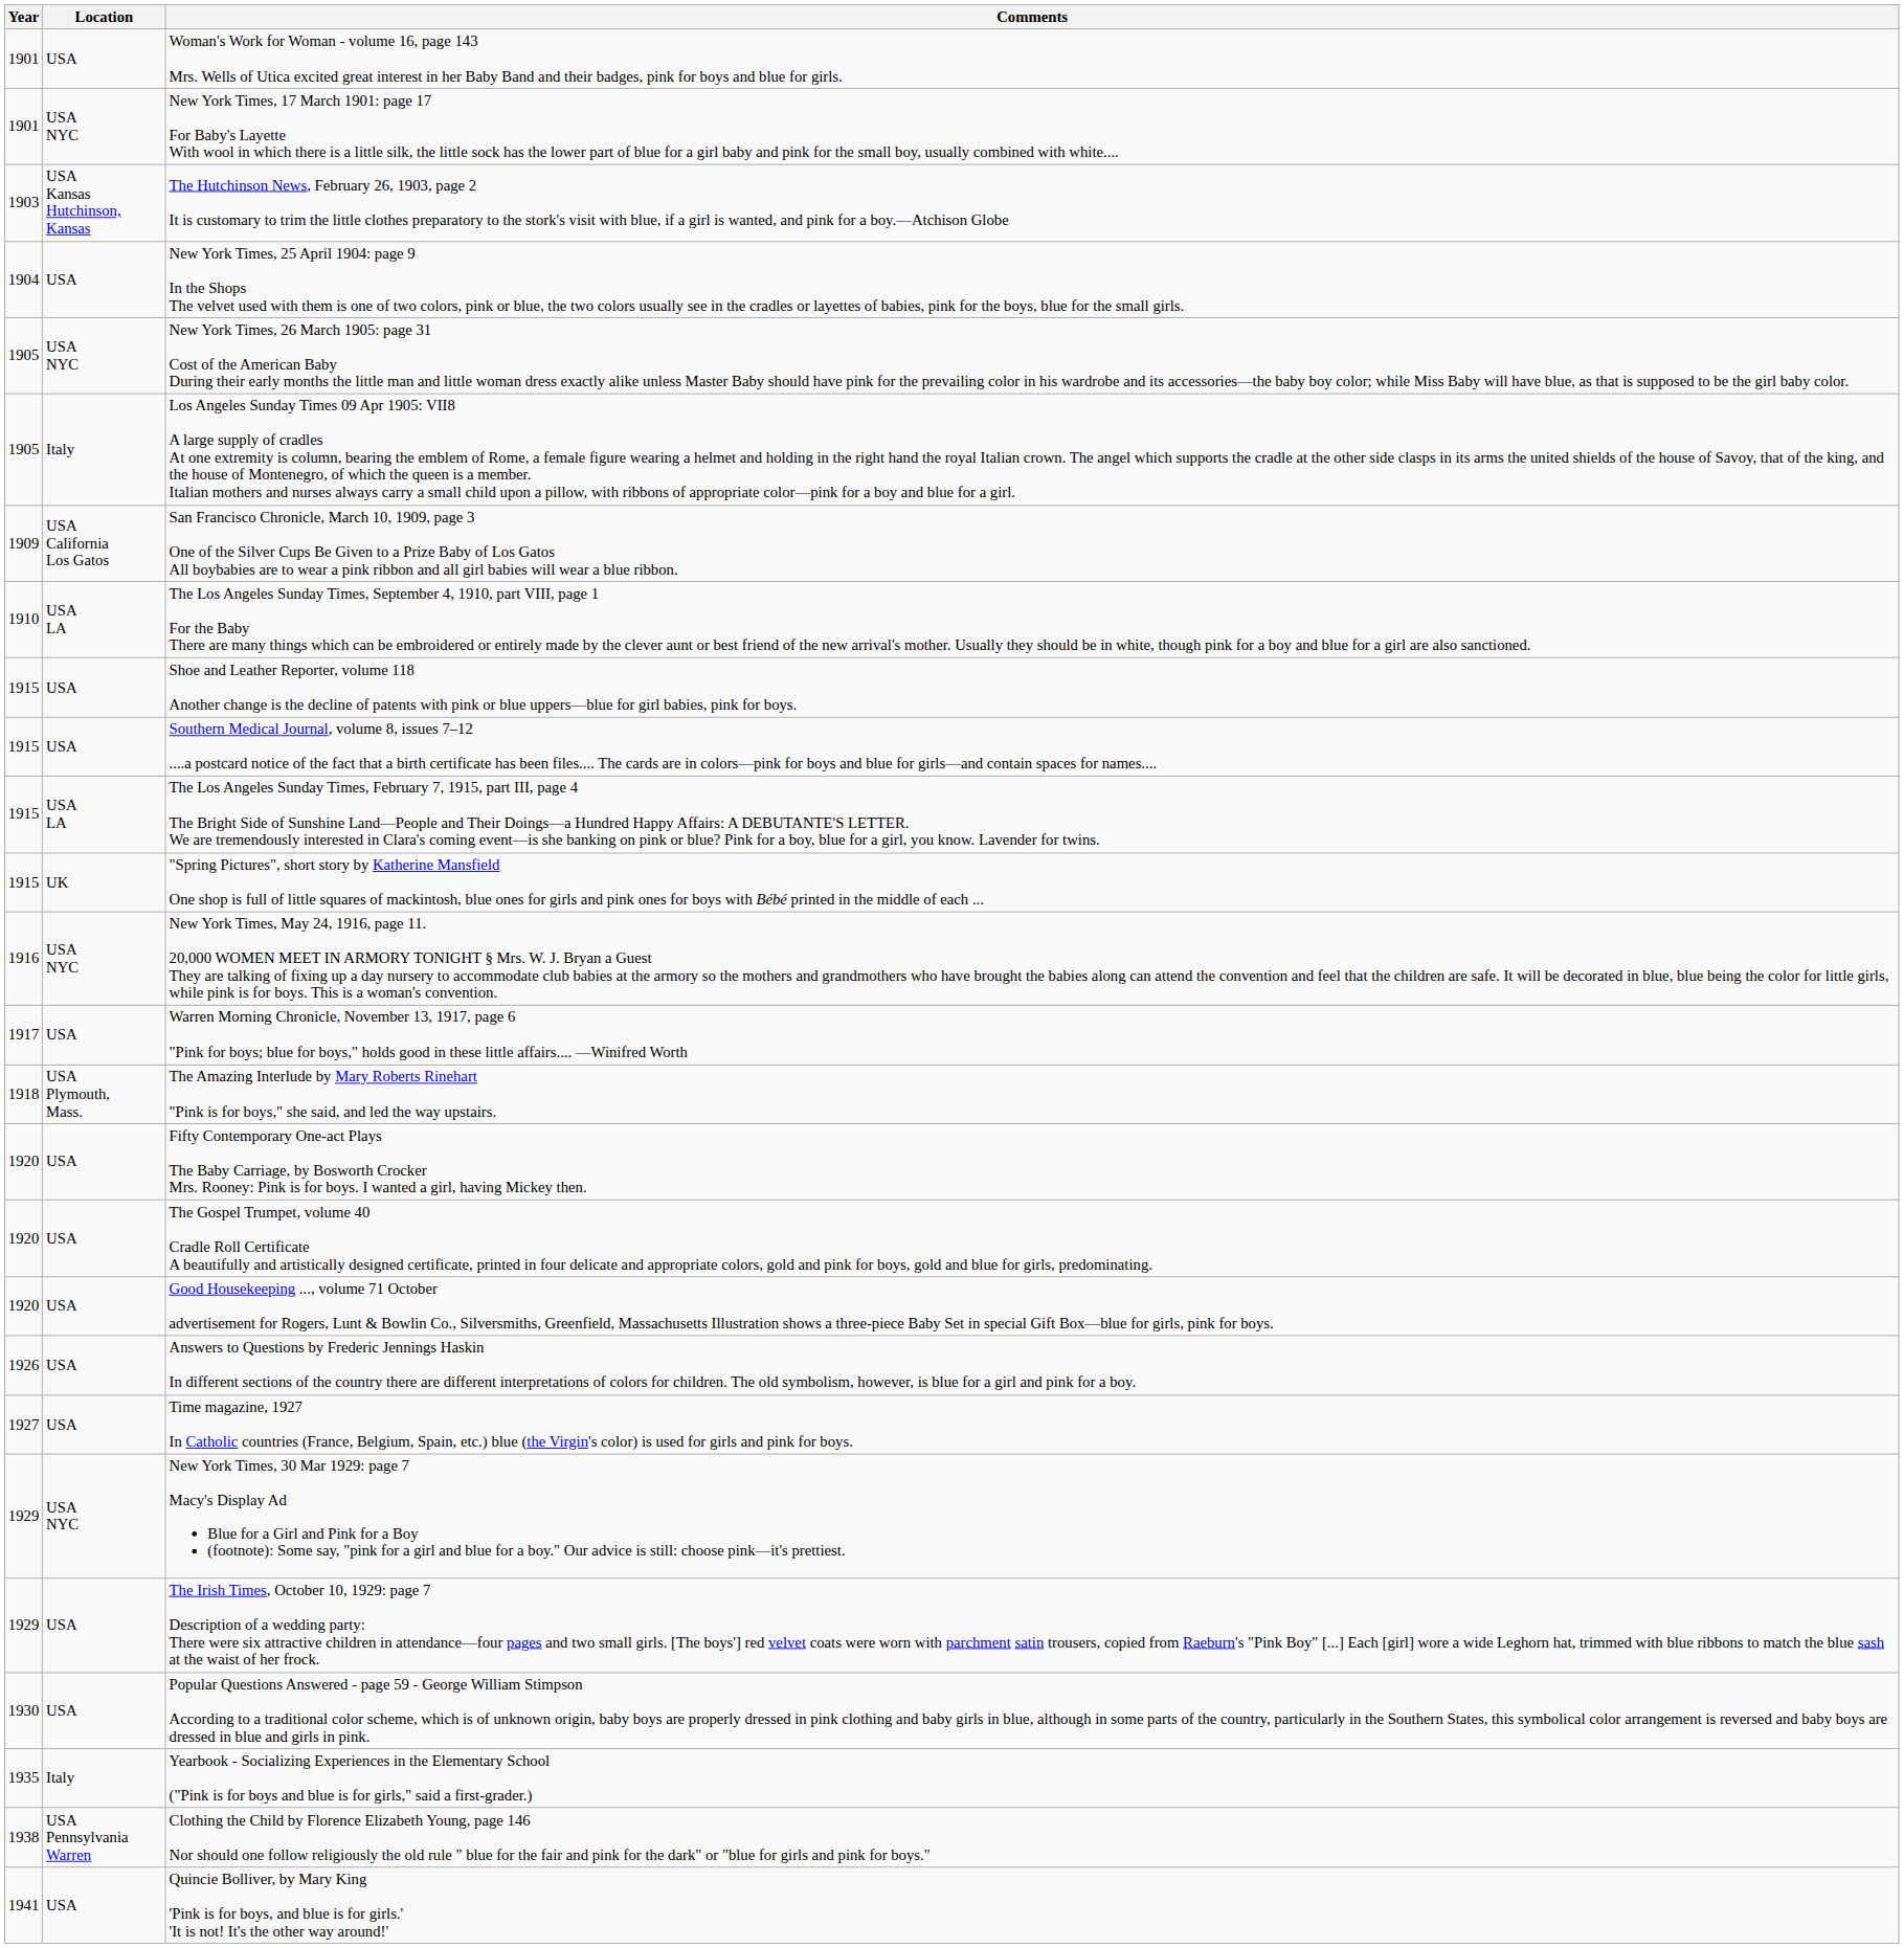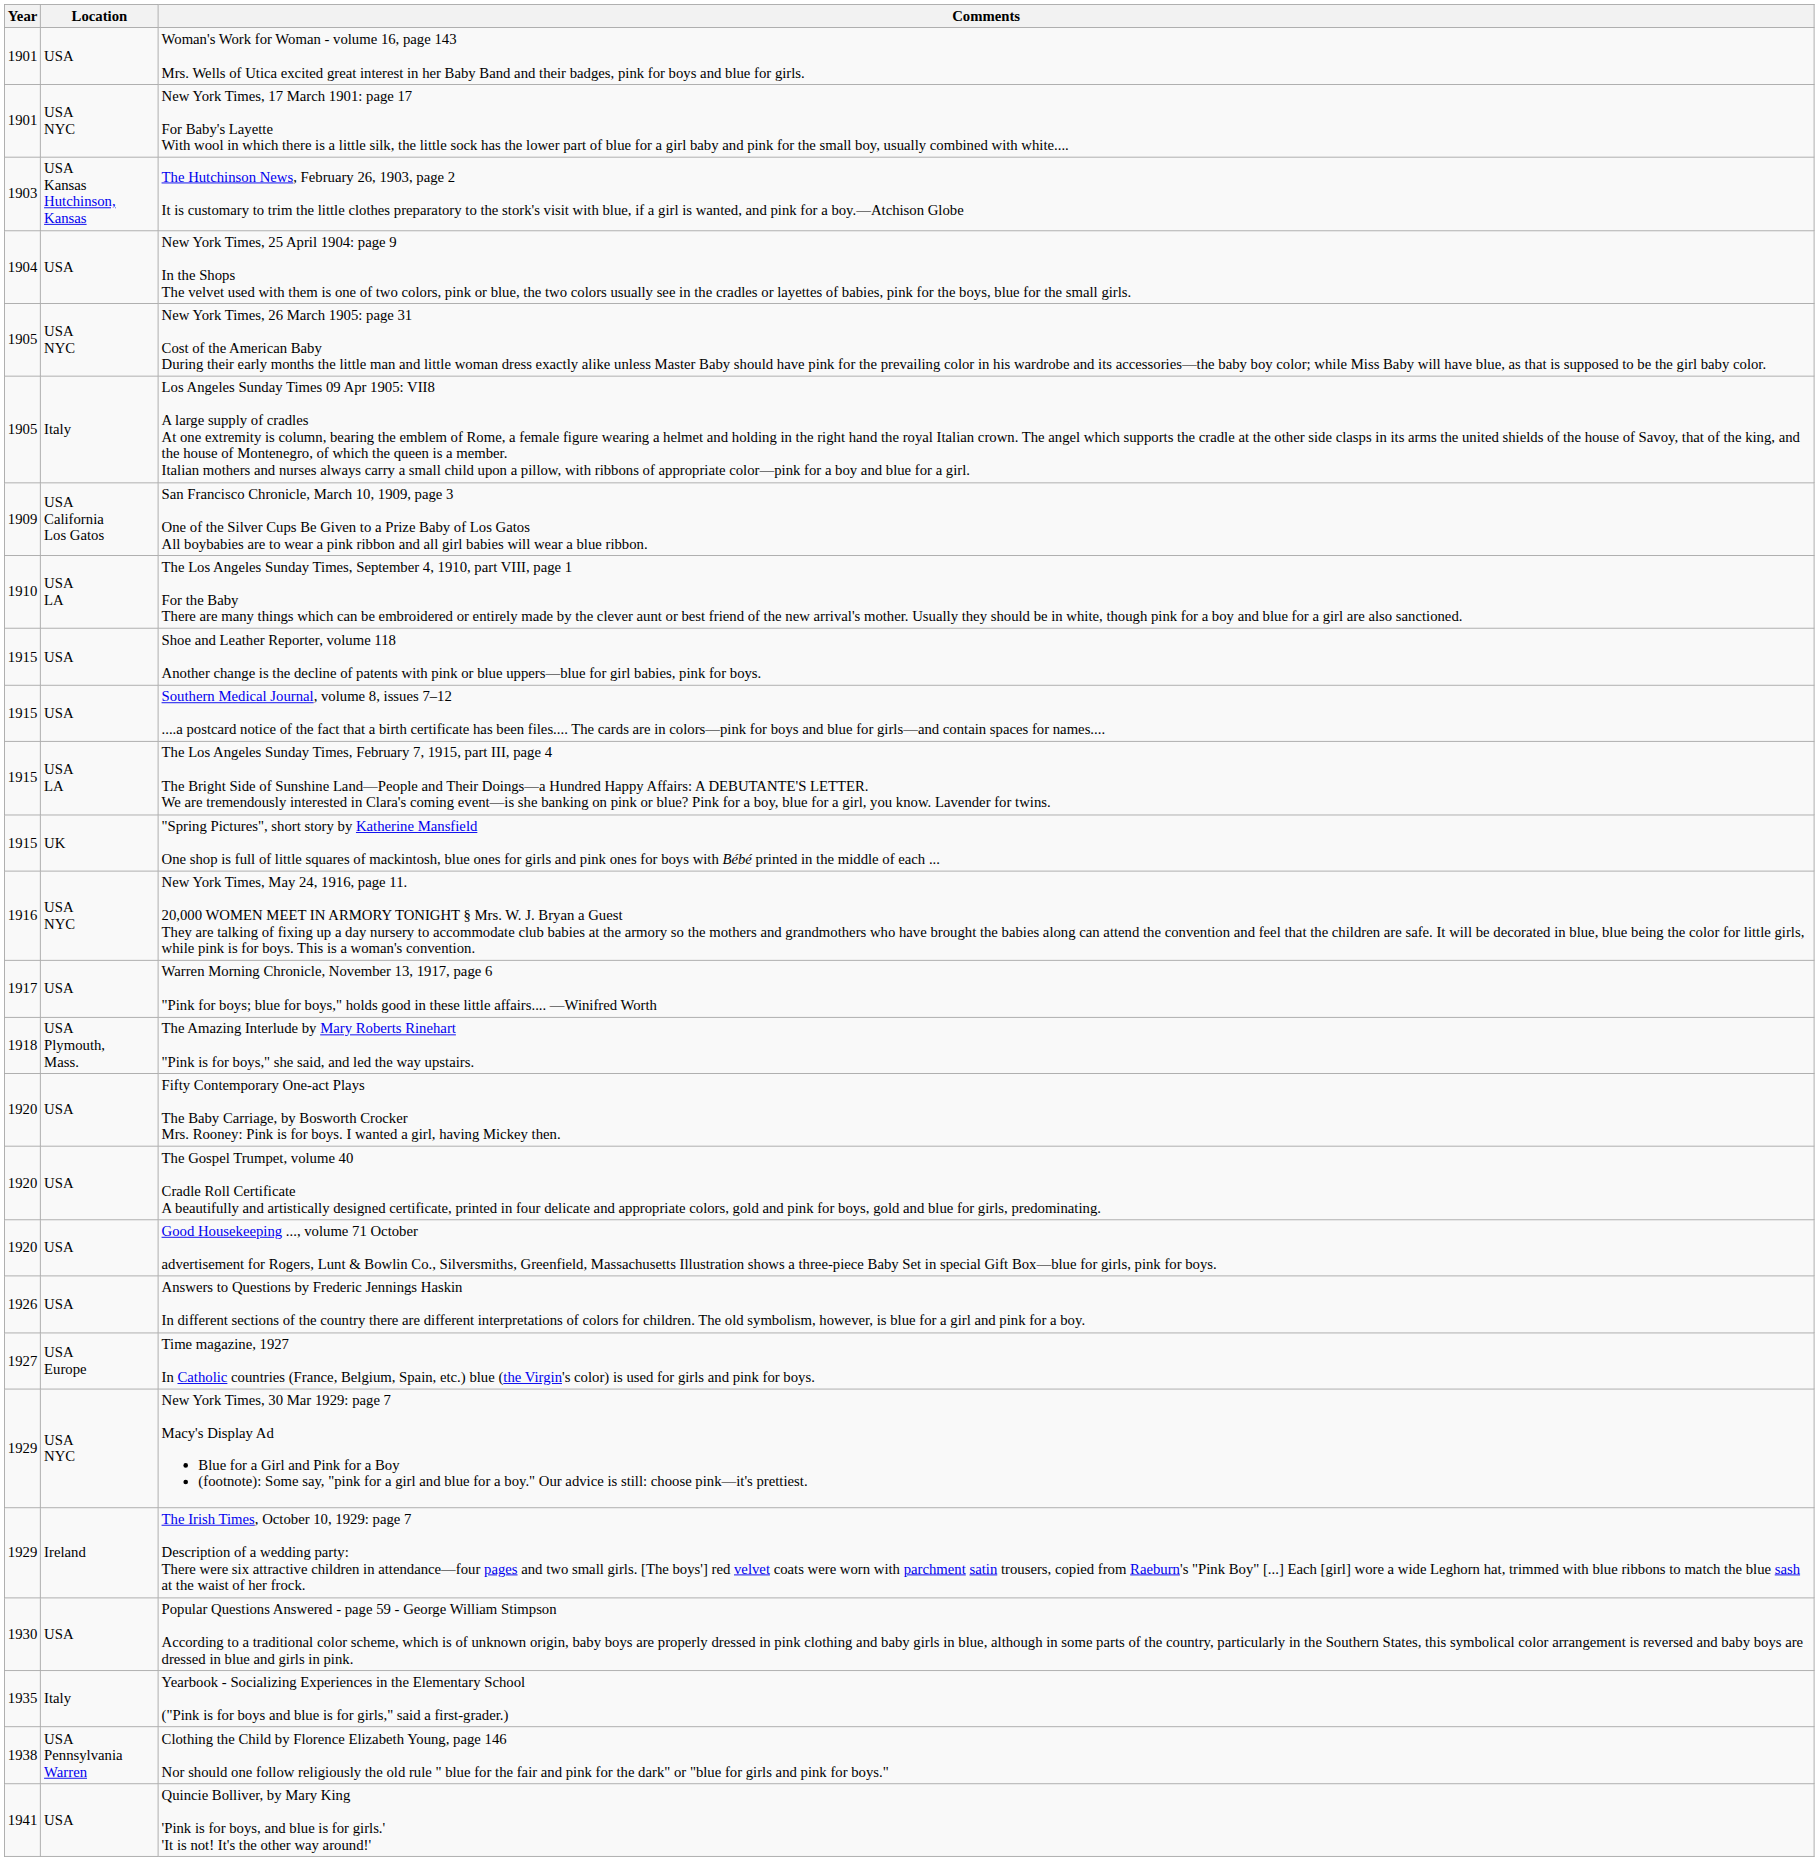 <table class="wikitable sortable">
 <tr>
 <th>Year</th>
 <th>Location</th>
 <th>Comments</th>
 </tr>
 <tr>
 <td>1901</td>
 <td>USA</td>
 <td>Woman's Work for Woman - volume 16, page 143 <br><br>Mrs. Wells of Utica excited great interest in her Baby Band and their badges, pink for boys and blue for girls. </td>
 </tr>
 <tr>
 <td>1901</td>
 <td>USA<br>NYC</td>
 <td>New York Times, 17 March 1901: page 17 <br><br>For Baby's Layette<br> With wool in which there is a little silk, the little sock has the lower part of blue for a girl baby and pink for the small boy, usually combined with white....</td>
 </tr>
 <tr>
 <td>1903</td>
 <td>USA<br>Kansas<br><a href='#'>Hutchinson, Kansas</a></td>
 <td><a href='#'>The Hutchinson News</a>, February 26, 1903, page 2<br><br>It is customary to trim the little clothes preparatory to the stork's visit with blue, if a girl is wanted, and pink for a boy.—Atchison Globe</td>
 </tr>
 <tr>
 <td>1904</td>
 <td>USA</td>
 <td>New York Times, 25 April 1904: page 9<br><br>In the Shops<br> The velvet used with them is one of two colors, pink or blue, the two colors usually see in the cradles or layettes of babies, pink for the boys, blue for the small girls.</td>
 </tr>
 <tr>
 <td>1905</td>
 <td>USA<br>NYC</td>
 <td>New York Times, 26 March 1905: page 31<br><br>Cost of the American Baby<br> During their early months the little man and little woman dress exactly alike unless Master Baby should have pink for the prevailing color in his wardrobe and its accessories—the baby boy color; while Miss Baby will have blue, as that is supposed to be the girl baby color.</td>
 </tr>
 <tr>
 <td>1905</td>
 <td>Italy</td>
 <td>Los Angeles Sunday Times 09 Apr 1905: VII8<br><br>A large supply of cradles<br> At one extremity is column, bearing the emblem of Rome, a female figure wearing a helmet and holding in the right hand the royal Italian crown. The angel which supports the cradle at the other side clasps in its arms the united shields of the house of Savoy, that of the king, and the house of Montenegro, of which the queen is a member.<br> Italian mothers and nurses always carry a small child upon a pillow, with ribbons of appropriate color—pink for a boy and blue for a girl.</td>
 </tr>
 <tr>
 <td>1909</td>
 <td>USA<br>California<br>Los Gatos</td>
 <td>San Francisco Chronicle, March 10, 1909, page 3 <br><br>One of the Silver Cups Be Given to a Prize Baby of Los Gatos <br> All boybabies are to wear a pink ribbon and all girl babies will wear a blue ribbon.</td>
 </tr>
 <tr>
 <td>1910</td>
 <td>USA<br>LA</td>
 <td>The Los Angeles Sunday Times, September 4, 1910, part VIII, page 1 <br><br>For the Baby<br> There are many things which can be embroidered or entirely made by the clever aunt or best friend of the new arrival's mother. Usually they should be in white, though pink for a boy and blue for a girl are also sanctioned.</td>
 </tr>
 <tr>
 <td>1915</td>
 <td>USA</td>
 <td>Shoe and Leather Reporter, volume 118 <br><br>Another change is the decline of patents with pink or blue uppers—blue for girl babies, pink for boys. </td>
 </tr>
 <tr>
 <td>1915</td>
 <td>USA</td>
 <td><a href='#'>Southern Medical Journal</a>, volume 8, issues 7–12 <br><br>....a postcard notice of the fact that a birth certificate has been files.... The cards are in colors—pink for boys and blue for girls—and contain spaces for names.... </td>
 </tr>
 <tr>
 <td>1915</td>
 <td>USA<br>LA</td>
 <td>The Los Angeles Sunday Times, February 7, 1915, part III, page 4<br><br>The Bright Side of Sunshine Land—People and Their Doings—a Hundred Happy Affairs: A DEBUTANTE'S LETTER.<br> We are tremendously interested in Clara's coming event—is she banking on pink or blue? Pink for a boy, blue for a girl, you know. Lavender for twins.</td>
 </tr>
 <tr>
 <td>1915</td>
 <td>UK</td>
 <td>"Spring Pictures", short story by <a href='#'>Katherine Mansfield</a><br><br>One shop is full of little squares of mackintosh, blue ones for girls and pink ones for boys with <em>Bébé</em> printed in the middle of each ...</td>
 </tr>
 <tr>
 <td>1916</td>
 <td>USA<br>NYC</td>
 <td>New York Times, May 24, 1916, page 11.<br><br>20,000 WOMEN MEET IN ARMORY TONIGHT § Mrs. W. J. Bryan a Guest<br> They are talking of fixing up a day nursery to accommodate club babies at the armory so the mothers and grandmothers who have brought the babies along can attend the convention and feel that the children are safe. It will be decorated in blue, blue being the color for little girls, while pink is for boys. This is a woman's convention.</td>
 </tr>
 <tr>
 <td>1917</td>
 <td>USA</td>
 <td>Warren Morning Chronicle, November 13, 1917, page 6<br><br>"Pink for boys; blue for boys," holds good in these little affairs.... —Winifred Worth</td>
 </tr>
 <tr>
 <td>1918</td>
 <td>USA<br>Plymouth,<br>Mass.</td>
 <td>The Amazing Interlude by <a href='#'>Mary Roberts Rinehart</a> <br><br>"Pink is for boys," she said, and led the way upstairs. </td>
 </tr>
 <tr>
 <td>1920</td>
 <td>USA</td>
 <td>Fifty Contemporary One-act Plays <br><br>The Baby Carriage, by Bosworth Crocker<br> Mrs. Rooney: Pink is for boys. I wanted a girl, having Mickey then. </td>
 </tr>
 <tr>
 <td>1920</td>
 <td>USA</td>
 <td>The Gospel Trumpet, volume 40 <br><br>Cradle Roll Certificate <br> A beautifully and artistically designed certificate, printed in four delicate and appropriate colors, gold and pink for boys, gold and blue for girls, predominating. </td>
 </tr>
 <tr>
 <td>1920</td>
 <td>USA</td>
 <td><a href='#'>Good Housekeeping</a> ..., volume 71 October <br><br>advertisement for Rogers, Lunt & Bowlin Co., Silversmiths, Greenfield, Massachusetts Illustration shows a three-piece Baby Set in special Gift Box—blue for girls, pink for boys. </td>
 </tr>
 <tr>
 <td>1926</td>
 <td>USA</td>
 <td>Answers to Questions by Frederic Jennings Haskin <br><br>In different sections of the country there are different interpretations of colors for children. The old symbolism, however, is blue for a girl and pink for a boy. </td>
 </tr>
 <tr>
 <td>1927</td>
-<td>USA</td>
+<td>USA<br>Europe</td>
 <td>Time magazine, 1927 <br><br>In <a href='#'>Catholic</a> countries (France, Belgium, Spain, etc.) blue (<a href='#'>the Virgin</a>'s color) is used for girls and pink for boys.</td>
 </tr>
 <tr>
 <td>1929</td>
 <td>USA<br>NYC</td>
 <td>New York Times, 30 Mar 1929: page 7<br><br>Macy's Display Ad<ul><li>Blue for a Girl and Pink for a Boy</li><li>(footnote): Some say, "pink for a girl and blue for a boy." Our advice is still: choose pink—it's prettiest.</li></ul></td>
 </tr>
 <tr>
 <td>1929</td>
-<td>USA</td>
+<td>Ireland</td>
 <td><a href='#'>The Irish Times</a>, October 10, 1929: page 7<br><br>Description of a wedding party:<br>There were six attractive children in attendance—four <a href='#'>pages</a> and two small girls. [The boys'] red <a href='#'>velvet</a> coats were worn with <a href='#'>parchment</a> <a href='#'>satin</a> trousers, copied from <a href='#'>Raeburn</a>'s "Pink Boy" [...] Each [girl] wore a wide Leghorn hat, trimmed with blue ribbons to match the blue <a href='#'>sash</a> at the waist of her frock.</td>
 </tr>
 <tr>
 <td>1930</td>
 <td>USA</td>
 <td>Popular Questions Answered - page 59 - George William Stimpson<br><br>According to a traditional color scheme, which is of unknown origin, baby boys are properly dressed in pink clothing and baby girls in blue, although in some parts of the country, particularly in the Southern States, this symbolical color arrangement is reversed and baby boys are dressed in blue and girls in pink. </td>
 </tr>
 <tr>
 <td>1935</td>
 <td>Italy</td>
 <td>Yearbook - Socializing Experiences in the Elementary School<br><br>("Pink is for boys and blue is for girls," said a first-grader.) </td>
 </tr>
 <tr>
 <td>1938</td>
 <td>USA<br>Pennsylvania<br><a href='#'>Warren</a></td>
 <td>Clothing the Child by Florence Elizabeth Young, page 146<br><br>Nor should one follow religiously the old rule " blue for the fair and pink for the dark" or "blue for girls and pink for boys." </td>
 </tr>
 <tr>
 <td>1941</td>
 <td>USA</td>
 <td>Quincie Bolliver, by Mary King<br><br>'Pink is for boys, and blue is for girls.'<br> 'It is not! It's the other way around!' </td>
 </tr>
 </table>
